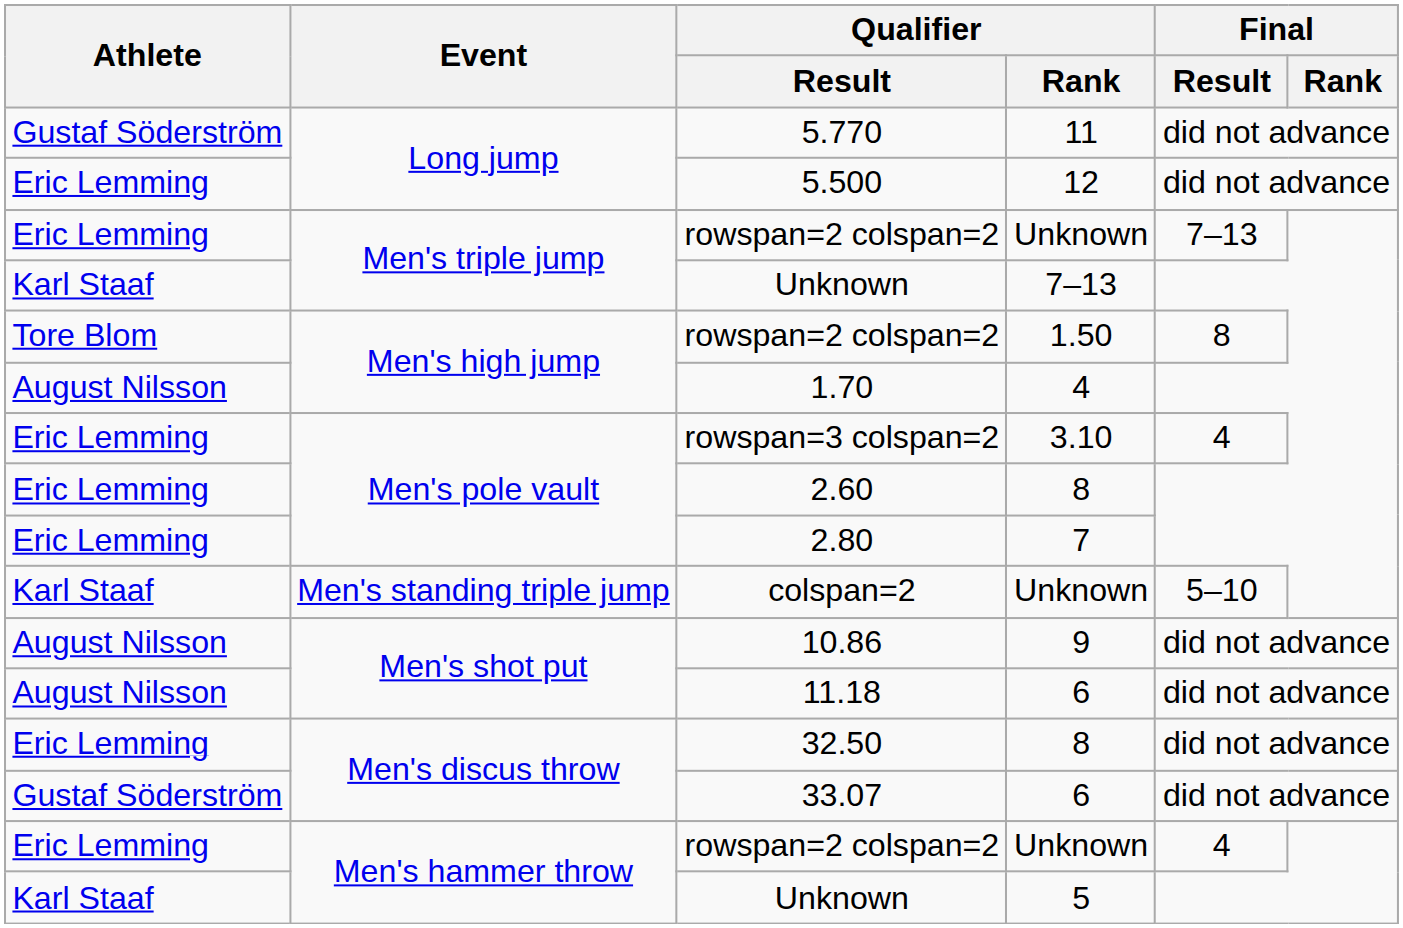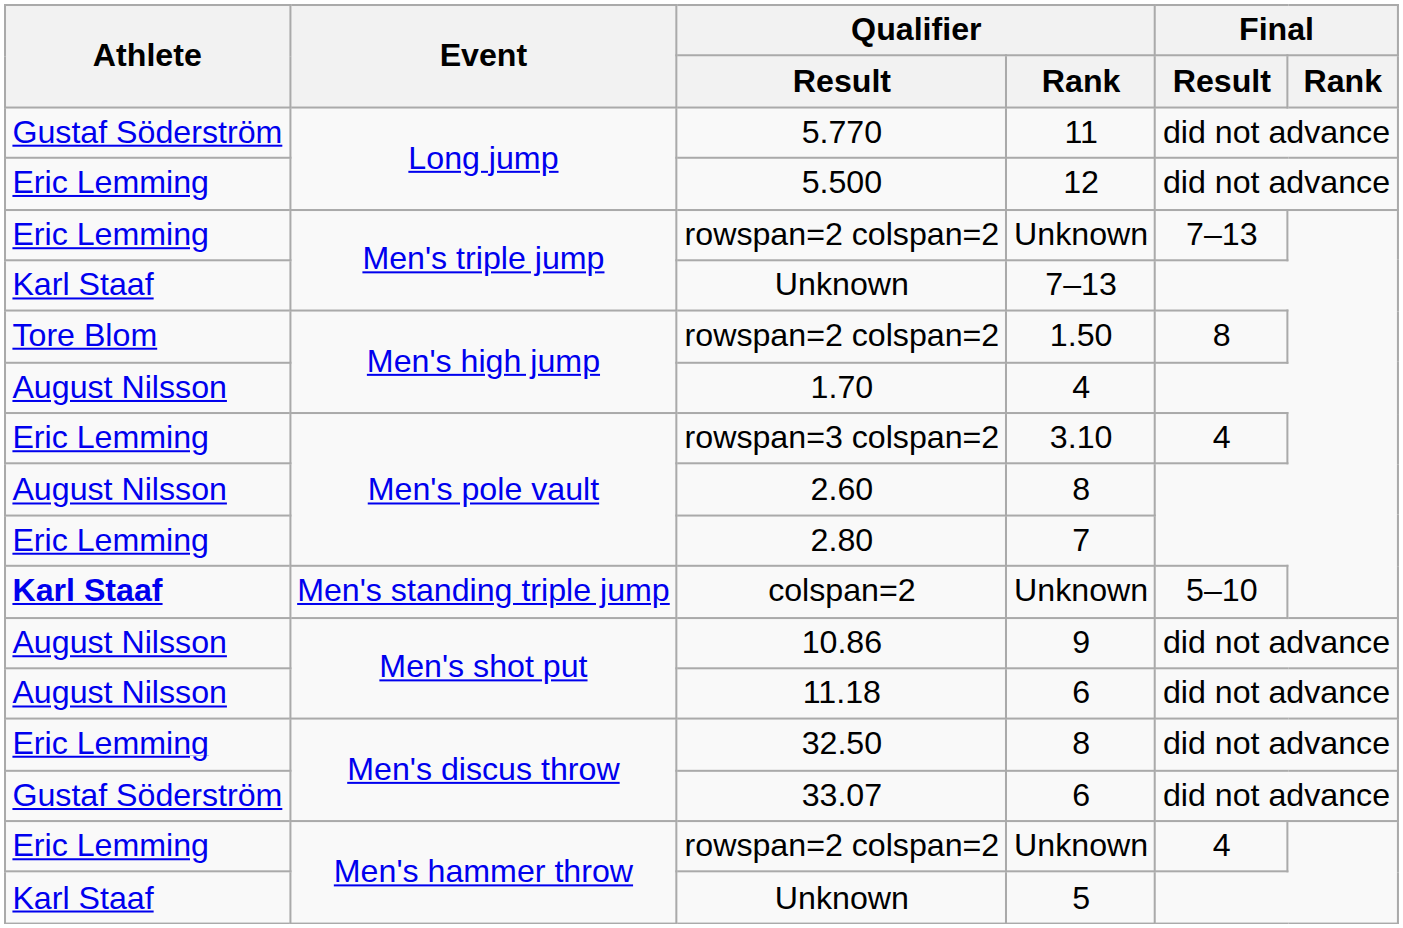 <table class="wikitable">
 <tr>
 <th rowspan=2>Athlete</th>
 <th rowspan=2>Event</th>
 <th colspan=2>Qualifier</th>
 <th colspan=2>Final</th>
 </tr>
 <tr>
 <th>Result</th>
 <th>Rank</th>
 <th>Result</th>
 <th>Rank</th>
 </tr>
 <tr align=center>
 <td align=left><a href='#'>Gustaf Söderström</a></td>
 <td rowspan=2><a href='#'>Long jump</a></td>
 <td>5.770</td>
 <td>11</td>
 <td colspan=2>did not advance</td>
 </tr>
 <tr align=center>
 <td align=left><a href='#'>Eric Lemming</a></td>
 <td>5.500</td>
 <td>12</td>
 <td colspan=2>did not advance</td>
 </tr>
 <tr align=center>
 <td align=left><a href='#'>Eric Lemming</a></td>
 <td rowspan=2><a href='#'>Men's triple jump</a></td>
 <td>rowspan=2 colspan=2 </td>
 <td>Unknown</td>
 <td>7–13</td>
 </tr>
 <tr align=center>
 <td align=left><a href='#'>Karl Staaf</a></td>
 <td>Unknown</td>
 <td>7–13</td>
 </tr>
 <tr align=center>
 <td align=left><a href='#'>Tore Blom</a></td>
 <td rowspan=2><a href='#'>Men's high jump</a></td>
 <td>rowspan=2 colspan=2 </td>
 <td>1.50</td>
 <td>8</td>
 </tr>
 <tr align=center>
 <td align=left><a href='#'>August Nilsson</a></td>
 <td>1.70</td>
 <td>4</td>
 </tr>
 <tr align=center>
 <td align=left><a href='#'>Eric Lemming</a></td>
 <td rowspan=3><a href='#'>Men's pole vault</a></td>
 <td>rowspan=3 colspan=2 </td>
 <td>3.10</td>
 <td>4</td>
 </tr>
 <tr align=center>
-<td align=left><a href='#'>Eric Lemming</a></td>
+<td align=left><a href='#'>August Nilsson</a></td>
 <td>2.60</td>
 <td>8</td>
 </tr>
 <tr align=center>
 <td align=left><a href='#'>Eric Lemming</a></td>
 <td>2.80</td>
 <td>7</td>
 </tr>
 <tr align=center>
-<td align=left><a href='#'>Karl Staaf</a></td>
+<td align=left><strong><a href='#'>Karl Staaf</a></strong></td>
 <td><a href='#'>Men's standing triple jump</a></td>
 <td>colspan=2 </td>
 <td>Unknown</td>
 <td>5–10</td>
 </tr>
 <tr align=center>
 <td align=left><a href='#'>August Nilsson</a></td>
 <td rowspan=2><a href='#'>Men's shot put</a></td>
 <td>10.86</td>
 <td>9</td>
 <td colspan=2>did not advance</td>
 </tr>
 <tr align=center>
 <td align=left><a href='#'>August Nilsson</a></td>
 <td>11.18</td>
 <td>6</td>
 <td colspan=2>did not advance</td>
 </tr>
 <tr align=center>
 <td align=left><a href='#'>Eric Lemming</a></td>
 <td rowspan=2><a href='#'>Men's discus throw</a></td>
 <td>32.50</td>
 <td>8</td>
 <td colspan=2>did not advance</td>
 </tr>
 <tr align=center>
 <td align=left><a href='#'>Gustaf Söderström</a></td>
 <td>33.07</td>
 <td>6</td>
 <td colspan=2>did not advance</td>
 </tr>
 <tr align=center>
 <td align=left><a href='#'>Eric Lemming</a></td>
 <td rowspan=2><a href='#'>Men's hammer throw</a></td>
 <td>rowspan=2 colspan=2 </td>
 <td>Unknown</td>
 <td>4</td>
 </tr>
 <tr align=center>
 <td align=left><a href='#'>Karl Staaf</a></td>
 <td>Unknown</td>
 <td>5</td>
 </tr>
 </table>
